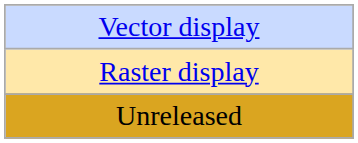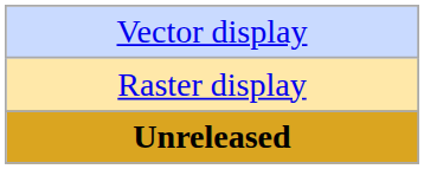 <table class="wikitable" border="1" width="200">
 <tr bgcolor="#C9DAFF" align="center">
 <td><a href='#'>Vector display</a></td>
 </tr>
 <tr bgcolor="#FFE8A9" align="center">
 <td><a href='#'>Raster display</a></td>
 </tr>
 <tr bgcolor="#DAA520" align="center">
-<td>Unreleased</td>
+<td><strong>Unreleased</strong></td>
 </tr>
 </table>
